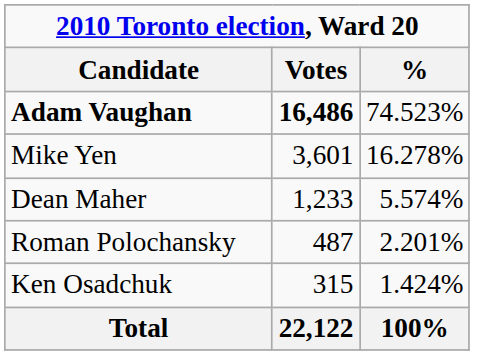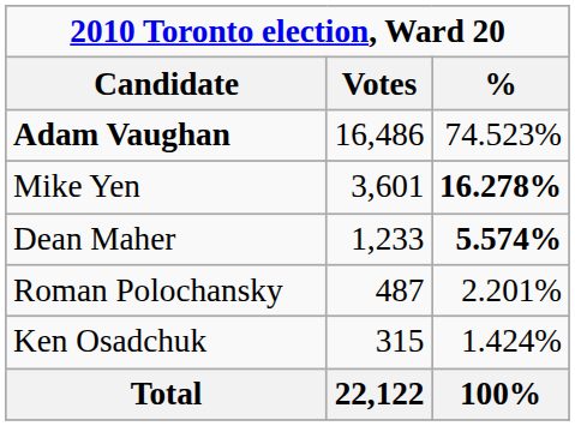 <table class="wikitable">
 <tr>
 <td Colspan="3" align="center"><strong><a href='#'>2010 Toronto election</a>, Ward 20</strong></td>
 </tr>
 <tr>
 <th bgcolor="#DDDDFF" width="150px">Candidate</th>
 <th bgcolor="#DDDDFF">Votes</th>
 <th bgcolor="#DDDDFF">%</th>
 </tr>
 <tr>
 <td><strong>Adam Vaughan</strong></td>
-<td align=right><strong>16,486</strong></td>
+<td align=right>16,486</td>
 <td align=right>74.523%</td>
 </tr>
 <tr>
 <td>Mike Yen</td>
 <td align=right>3,601</td>
-<td align=right>16.278%</td>
+<td align=right><strong>16.278%</strong></td>
 </tr>
 <tr>
 <td>Dean Maher</td>
 <td align=right>1,233</td>
-<td align=right>5.574%</td>
+<td align=right><strong>5.574%</strong></td>
 </tr>
 <tr>
 <td>Roman Polochansky</td>
 <td align=right>487</td>
 <td align=right>2.201%</td>
 </tr>
 <tr>
 <td>Ken Osadchuk</td>
 <td align=right>315</td>
 <td align=right>1.424%</td>
 </tr>
 <tr>
 <th>Total</th>
 <th align=right>22,122</th>
 <th align=right>100%</th>
 </tr>
 </table>
